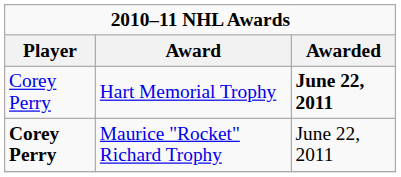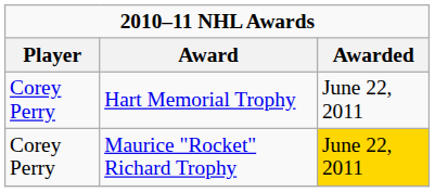 <table class="wikitable" width="52%">
 <tr>
 <td colspan="10" align="center"><strong>2010–11 NHL Awards</strong></td>
 </tr>
 <tr>
 <th>Player</th>
 <th>Award</th>
 <th>Awarded</th>
 </tr>
 <tr>
 <td><a href='#'>Corey Perry</a></td>
 <td><a href='#'>Hart Memorial Trophy</a></td>
-<td><strong>June 22, 2011</strong></td>
+<td>June 22, 2011</td>
 </tr>
 <tr>
-<td><strong>Corey Perry</strong></td>
+<td>Corey Perry</td>
 <td><a href='#'>Maurice "Rocket" Richard Trophy</a></td>
-<td>June 22, 2011</td>
+<td style="background: gold;">June 22, 2011</td>
 </tr>
 <tr>
 </tr>
 </table>
